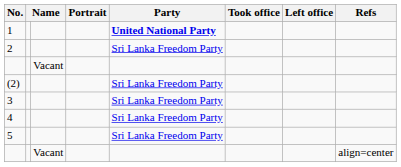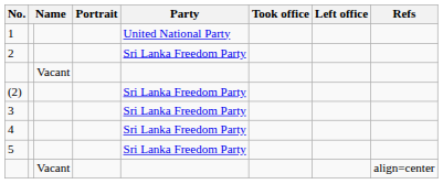 <table class="wikitable plainrowheaders sortable" style="font-size:100%; text-align:left;">
 <tr>
 <th>No.</th>
 <th colspan="2">Name</th>
 <th class=unsortable>Portrait</th>
 <th>Party</th>
 <th>Took office</th>
 <th>Left office</th>
 <th class=unsortable>Refs</th>
 </tr>
 <tr>
 <td>1</td>
 <td !align="center" style="background:"></td>
 <td></td>
 <td></td>
-<td><strong><a href='#'>United National Party</a></strong></td>
+<td><a href='#'>United National Party</a></td>
 <td align=center></td>
 <td align=center></td>
 <td align=center></td>
 </tr>
 <tr>
 <td>2</td>
 <td !align="center" style="background:"></td>
 <td></td>
 <td></td>
 <td><a href='#'>Sri Lanka Freedom Party</a></td>
 <td align=center></td>
 <td align=center></td>
 <td align=center></td>
 </tr>
 <tr>
 <td></td>
 <td></td>
 <td>Vacant</td>
 <td></td>
 <td></td>
 <td align=center></td>
 <td align=center></td>
 <td align=center></td>
 </tr>
 <tr>
 <td>(2)</td>
 <td !align="center" style="background:"></td>
 <td></td>
 <td></td>
 <td><a href='#'>Sri Lanka Freedom Party</a></td>
 <td align=center></td>
 <td align=center></td>
 <td align=center></td>
 </tr>
 <tr>
 <td>3</td>
 <td !align="center" style="background:"></td>
 <td></td>
 <td></td>
 <td><a href='#'>Sri Lanka Freedom Party</a></td>
 <td align=center></td>
 <td align=center></td>
 <td align=center></td>
 </tr>
 <tr>
 <td>4</td>
 <td !align="center" style="background:"></td>
 <td></td>
 <td></td>
 <td><a href='#'>Sri Lanka Freedom Party</a></td>
 <td align=center></td>
 <td align=center></td>
 <td align=center></td>
 </tr>
 <tr>
 <td>5</td>
 <td !align="center" style="background:"></td>
 <td></td>
 <td></td>
 <td><a href='#'>Sri Lanka Freedom Party</a></td>
 <td align=center></td>
 <td align=center></td>
 <td align=center></td>
 </tr>
 <tr>
 <td></td>
 <td></td>
 <td>Vacant</td>
 <td></td>
 <td></td>
 <td align=center></td>
 <td align=center></td>
 <td>align=center</td>
 </tr>
 </table>
